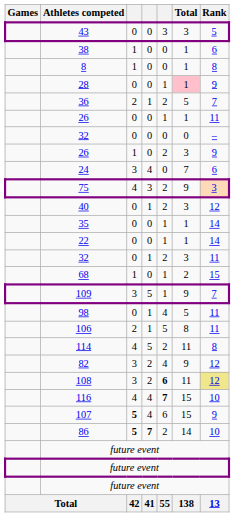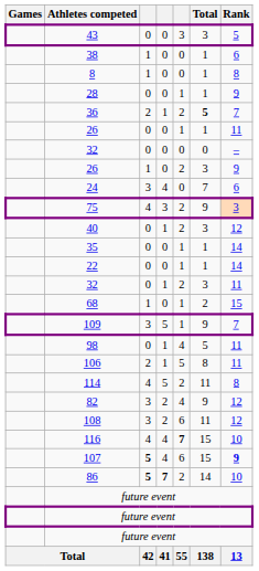 <table class="wikitable sortable sticky-header" style="text-align:center;  font-size:90%;">
 <tr>
 <th scope=col>Games</th>
 <th scope=col>Athletes competed</th>
 <th scope=col></th>
 <th scope=col></th>
 <th scope=col></th>
 <th scope=col>Total</th>
 <th scope=col>Rank</th>
 </tr>
 <tr style="border: 3px solid purple">
 <td align=left> </td>
 <td><a href='#'>43</a></td>
 <td>0</td>
 <td>0</td>
 <td>3</td>
 <td>3</td>
 <td><a href='#'>5</a></td>
 </tr>
 <tr>
 <td align=left> </td>
 <td><a href='#'>38</a></td>
 <td>1</td>
 <td>0</td>
 <td>0</td>
 <td>1</td>
 <td><a href='#'>6</a></td>
 </tr>
 <tr>
 <td align=left> </td>
 <td><a href='#'>8</a></td>
 <td>1</td>
 <td>0</td>
 <td>0</td>
 <td>1</td>
 <td><a href='#'>8</a></td>
 </tr>
 <tr>
 <td align=left> </td>
 <td><a href='#'>28</a></td>
 <td>0</td>
 <td>0</td>
 <td>1</td>
-<td style="background: pink;">1</td>
+<td>1</td>
 <td><a href='#'>9</a></td>
 </tr>
 <tr>
 <td align=left> </td>
 <td><a href='#'>36</a></td>
 <td>2</td>
 <td>1</td>
 <td>2</td>
-<td>5</td>
+<td><strong>5</strong></td>
 <td><a href='#'>7</a></td>
 </tr>
 <tr>
 <td align=left> </td>
 <td><a href='#'>26</a></td>
 <td>0</td>
 <td>0</td>
 <td>1</td>
 <td>1</td>
 <td><a href='#'>11</a></td>
 </tr>
 <tr>
 <td align=left> </td>
 <td><a href='#'>32</a></td>
 <td>0</td>
 <td>0</td>
 <td>0</td>
 <td>0</td>
 <td><a href='#'>–</a></td>
 </tr>
 <tr>
 <td align=left> </td>
 <td><a href='#'>26</a></td>
 <td>1</td>
 <td>0</td>
 <td>2</td>
 <td>3</td>
 <td><a href='#'>9</a></td>
 </tr>
 <tr>
 <td align=left> </td>
 <td><a href='#'>24</a></td>
 <td>3</td>
 <td>4</td>
 <td>0</td>
 <td>7</td>
 <td><a href='#'>6</a></td>
 </tr>
 <tr style="border: 3px solid purple">
 <td align=left> </td>
 <td><a href='#'>75</a></td>
 <td>4</td>
 <td>3</td>
 <td>2</td>
 <td>9</td>
 <td bgcolor=ffdab9><a href='#'>3</a></td>
 </tr>
 <tr>
 <td align=left> </td>
 <td><a href='#'>40</a></td>
 <td>0</td>
 <td>1</td>
 <td>2</td>
 <td>3</td>
 <td><a href='#'>12</a></td>
 </tr>
 <tr>
 <td align=left> </td>
 <td><a href='#'>35</a></td>
 <td>0</td>
 <td>0</td>
 <td>1</td>
 <td>1</td>
 <td><a href='#'>14</a></td>
 </tr>
 <tr>
 <td align=left> </td>
 <td><a href='#'>22</a></td>
 <td>0</td>
 <td>0</td>
 <td>1</td>
 <td>1</td>
 <td><a href='#'>14</a></td>
 </tr>
 <tr>
 <td align=left> </td>
 <td><a href='#'>32</a></td>
 <td>0</td>
 <td>1</td>
 <td>2</td>
 <td>3</td>
 <td><a href='#'>11</a></td>
 </tr>
 <tr>
 <td align=left> </td>
 <td><a href='#'>68</a></td>
 <td>1</td>
 <td>0</td>
 <td>1</td>
 <td>2</td>
 <td><a href='#'>15</a></td>
 </tr>
 <tr style="border: 3px solid purple">
 <td align=left> </td>
 <td><a href='#'>109</a></td>
 <td>3</td>
 <td>5</td>
 <td>1</td>
 <td>9</td>
 <td><a href='#'>7</a></td>
 </tr>
 <tr>
 <td align=left> </td>
 <td><a href='#'>98</a></td>
 <td>0</td>
 <td>1</td>
 <td>4</td>
 <td>5</td>
 <td><a href='#'>11</a></td>
 </tr>
 <tr>
 <td align=left> </td>
 <td><a href='#'>106</a></td>
 <td>2</td>
 <td>1</td>
 <td>5</td>
 <td>8</td>
 <td><a href='#'>11</a></td>
 </tr>
 <tr>
 <td align=left> </td>
 <td><a href='#'>114</a></td>
 <td>4</td>
 <td>5</td>
 <td>2</td>
 <td>11</td>
 <td><a href='#'>8</a></td>
 </tr>
 <tr>
 <td align=left> </td>
 <td><a href='#'>82</a></td>
 <td>3</td>
 <td>2</td>
 <td>4</td>
 <td>9</td>
 <td><a href='#'>12</a></td>
 </tr>
 <tr>
 <td align=left> </td>
 <td><a href='#'>108</a></td>
 <td>3</td>
 <td>2</td>
-<td><strong>6</strong></td>
+<td>6</td>
 <td>11</td>
-<td style="background: khaki;"><a href='#'>12</a></td>
+<td><a href='#'>12</a></td>
 </tr>
 <tr>
 <td align=left> </td>
 <td><a href='#'>116</a></td>
 <td>4</td>
 <td>4</td>
 <td><strong>7</strong></td>
 <td>15</td>
 <td><a href='#'>10</a></td>
 </tr>
 <tr>
 <td align=left> </td>
 <td><a href='#'>107</a></td>
 <td><strong>5</strong></td>
 <td>4</td>
 <td>6</td>
 <td>15</td>
-<td><a href='#'>9</a></td>
+<td><strong><a href='#'>9</a></strong></td>
 </tr>
 <tr>
 <td align=left> </td>
 <td><a href='#'>86</a></td>
 <td><strong>5</strong></td>
 <td><strong>7</strong></td>
 <td>2</td>
 <td>14</td>
 <td><a href='#'>10</a></td>
 </tr>
 <tr>
 <td align=left> </td>
 <td colspan=7><em>future event</em></td>
 </tr>
 <tr style="border: 3px solid purple">
 <td align=left> </td>
 <td colspan=6><em>future event</em></td>
 </tr>
 <tr>
 <td align=left> </td>
 <td colspan=7><em>future event</em></td>
 </tr>
 <tr>
 <th colspan=2>Total</th>
 <th>42</th>
 <th>41</th>
 <th>55</th>
 <th>138</th>
 <th><a href='#'>13</a></th>
 </tr>
 </table>
